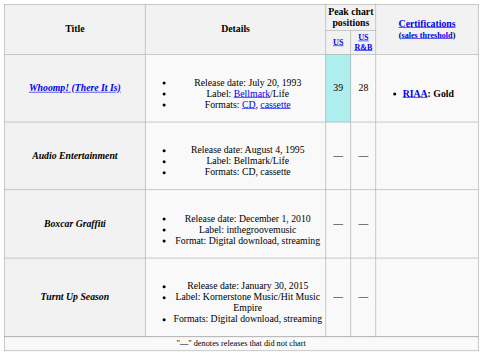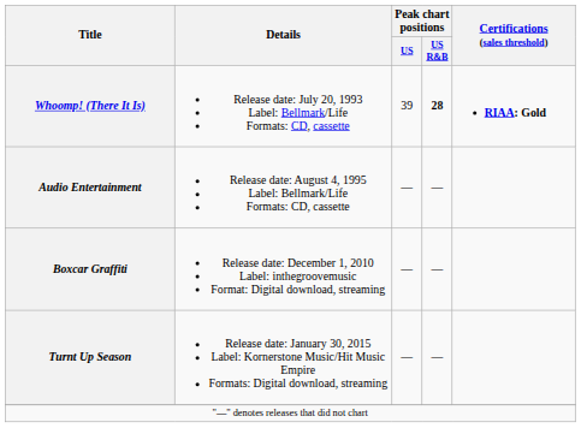 <table class="wikitable plainrowheaders" style="text-align:center;">
 <tr>
 <th rowspan="2" style="width:14em;">Title</th>
 <th rowspan="2" style="width:18em;">Details</th>
 <th colspan="2">Peak chart<br>positions</th>
 <th rowspan="2" style="width:10em;"><a href='#'>Certifications</a><br><small>(<a href='#'>sales threshold</a>)</small></th>
 </tr>
 <tr style="font-size:smaller;">
 <th style="width:35px;"><a href='#'>US</a><br></th>
 <th style="width:35px;"><a href='#'>US R&B</a><br></th>
 </tr>
 <tr>
 <th scope="row"><em><a href='#'>Whoomp! (There It Is)</a></em></th>
 <td><br><ul><li>Release date: July 20, 1993</li><li>Label: <a href='#'>Bellmark</a>/Life</li><li>Formats: <a href='#'>CD</a>, <a href='#'>cassette</a></li></ul></td>
-<td style="background: paleturquoise;">39</td>
-<td>28</td>
+<td>39</td>
+<td><strong>28</strong></td>
 <td style="text-align:left;"><strong><br><ul><li><a href='#'>RIAA</a>: Gold</li></ul></strong></td>
 </tr>
 <tr>
 <th scope="row"><em>Audio Entertainment</em></th>
 <td><br><ul><li>Release date: August 4, 1995</li><li>Label: Bellmark/Life</li><li>Formats: CD, cassette</li></ul></td>
 <td>—</td>
 <td>—</td>
 <td></td>
 </tr>
 <tr>
 <th scope="row"><em>Boxcar Graffiti</em></th>
 <td><br><ul><li>Release date: December 1, 2010</li><li>Label: inthegroovemusic</li><li>Format: Digital download, streaming</li></ul></td>
 <td>—</td>
 <td>—</td>
 <td></td>
 </tr>
 <tr>
 <th scope="row"><em>Turnt Up Season</em></th>
 <td><br><ul><li>Release date: January 30, 2015</li><li>Label: Kornerstone Music/Hit Music Empire</li><li>Formats: Digital download, streaming</li></ul></td>
 <td>—</td>
 <td>—</td>
 <td></td>
 </tr>
 <tr>
 </tr>
 <tr>
 <td colspan="10" style="font-size:85%">"—" denotes releases that did not chart</td>
 </tr>
 </table>
